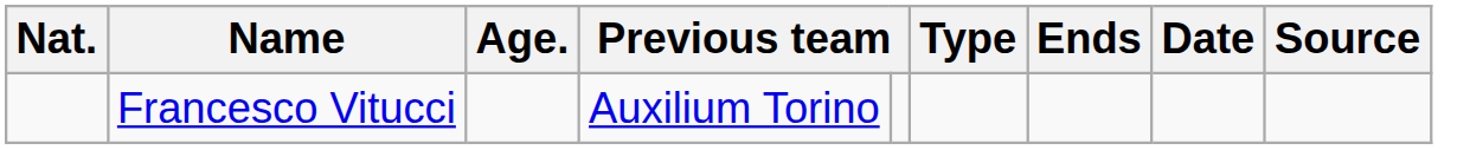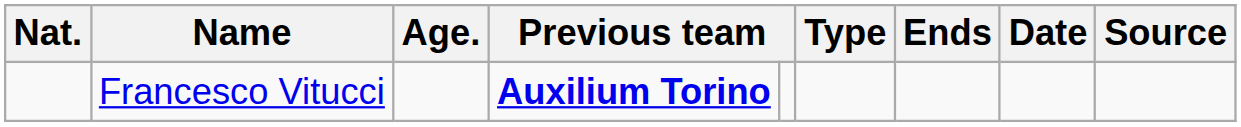 <table class="wikitable sortable">
 <tr>
 <th>Nat.</th>
 <th>Name</th>
 <th>Age.</th>
 <th colspan=2>Previous team</th>
 <th>Type</th>
 <th>Ends</th>
 <th>Date</th>
 <th>Source</th>
 </tr>
 <tr>
 <td></td>
 <td><a href='#'>Francesco Vitucci</a></td>
 <td></td>
-<td><a href='#'>Auxilium Torino</a></td>
+<td><strong><a href='#'>Auxilium Torino</a></strong></td>
 <td></td>
 <td></td>
 <td></td>
 <td></td>
 <td></td>
 </tr>
 </table>
